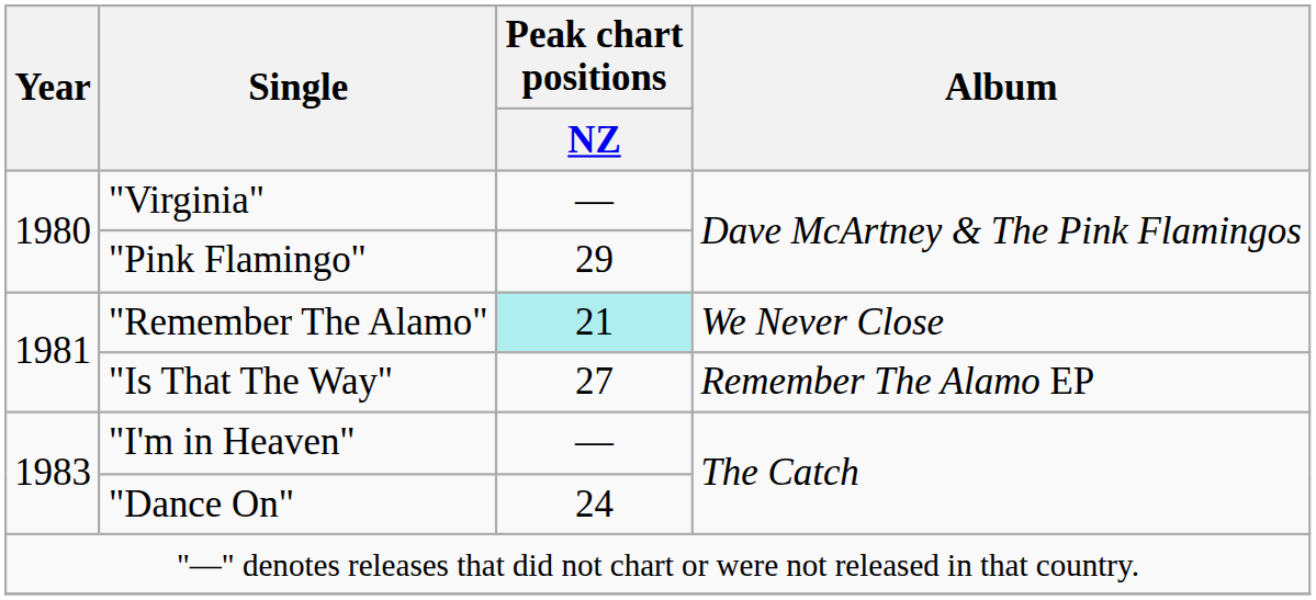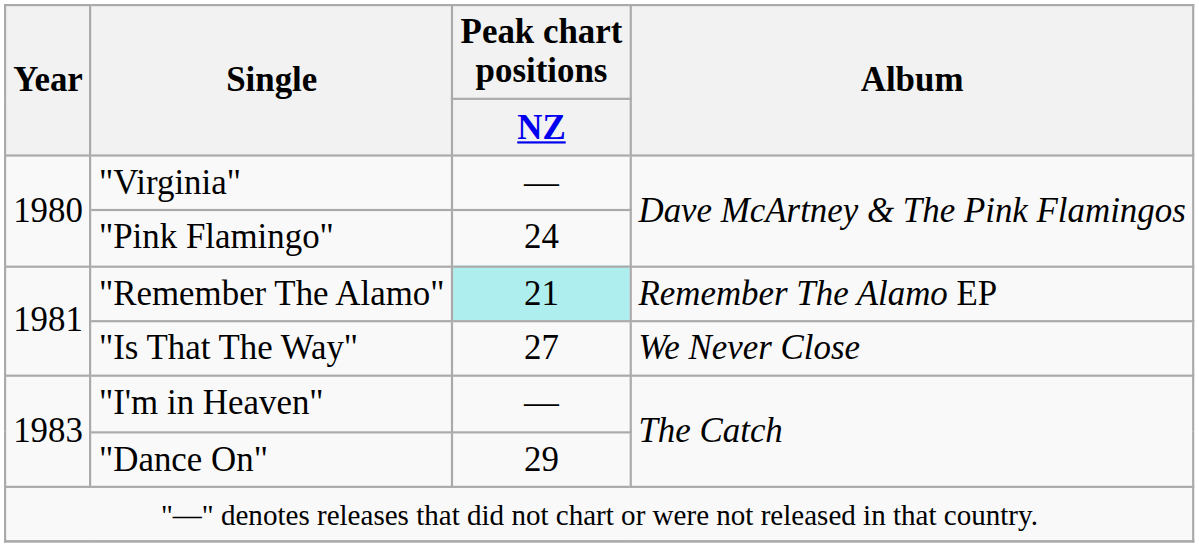 <table class="wikitable">
 <tr>
 <th rowspan=2>Year</th>
 <th rowspan=2>Single</th>
 <th>Peak chart<br>positions</th>
 <th rowspan=2>Album</th>
 </tr>
 <tr>
 <th><a href='#'>NZ</a></th>
 </tr>
 <tr>
 <td rowspan=2>1980</td>
 <td>"Virginia"</td>
 <td align="center">—</td>
 <td rowspan=2><em>Dave McArtney & The Pink Flamingos</em></td>
 </tr>
 <tr>
 <td>"Pink Flamingo"</td>
-<td align="center">29</td>
+<td align="center">24</td>
 </tr>
 <tr>
 <td rowspan=2>1981</td>
 <td>"Remember The Alamo"</td>
 <td align="center" style="background: paleturquoise;">21</td>
-<td><em>We Never Close</em></td>
+<td><em>Remember The Alamo</em> EP</td>
 </tr>
 <tr>
 <td>"Is That The Way"</td>
 <td align="center">27</td>
-<td><em>Remember The Alamo</em> EP</td>
+<td><em>We Never Close</em></td>
 </tr>
 <tr>
 <td rowspan=2>1983</td>
 <td>"I'm in Heaven"</td>
 <td align="center">—</td>
 <td rowspan=2><em>The Catch</em></td>
 </tr>
 <tr>
 <td>"Dance On"</td>
-<td align="center">24</td>
+<td align="center">29</td>
 </tr>
 <tr>
 <td align=center colspan=4><small>"—" denotes releases that did not chart or were not released in that country.</small></td>
 </tr>
 <tr>
 </tr>
 </table>
